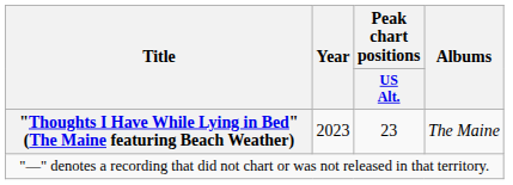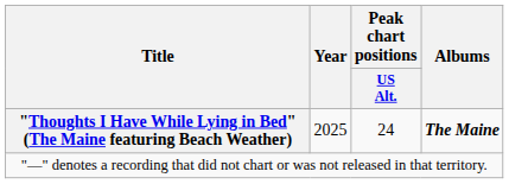 <table class="wikitable plainrowheaders" style="text-align:center;">
 <tr>
 <th scope="col" rowspan="2" style="width:18em;">Title</th>
 <th scope="col" rowspan="2">Year</th>
 <th scope="col" colspan="1">Peak chart positions</th>
 <th scope="col" rowspan="2">Albums</th>
 </tr>
 <tr>
 <th scope="col" style="width:3em;font-size:85%;"><a href='#'>US<br>Alt.</a><br></th>
 </tr>
 <tr>
 <th scope="row">"<a href='#'>Thoughts I Have While Lying in Bed</a>"<br><span>(<a href='#'>The Maine</a> featuring Beach Weather)</span></th>
-<td>2023</td>
-<td>23</td>
-<td><em>The Maine</em></td>
+<td>2025</td>
+<td>24</td>
+<td><strong><em>The Maine</em></strong></td>
 </tr>
 <tr>
 <td colspan="8" style="font-size:90%">"—" denotes a recording that did not chart or was not released in that territory.</td>
 </tr>
 </table>
